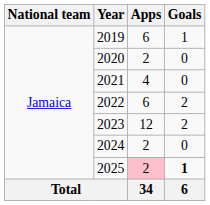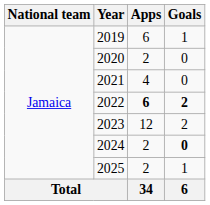 <table class="wikitable" style="text-align:center">
 <tr>
 <th>National team</th>
 <th>Year</th>
 <th>Apps</th>
 <th>Goals</th>
 </tr>
 <tr>
 <td rowspan="7"><a href='#'>Jamaica</a></td>
 <td>2019</td>
 <td>6</td>
 <td>1</td>
 </tr>
 <tr>
 <td>2020</td>
 <td>2</td>
 <td>0</td>
 </tr>
 <tr>
 <td>2021</td>
 <td>4</td>
 <td>0</td>
 </tr>
 <tr>
 <td>2022</td>
-<td>6</td>
-<td>2</td>
+<td><strong>6</strong></td>
+<td><strong>2</strong></td>
 </tr>
 <tr>
 <td>2023</td>
 <td>12</td>
 <td>2</td>
 </tr>
 <tr>
 <td>2024</td>
 <td>2</td>
-<td>0</td>
+<td><strong>0</strong></td>
 </tr>
 <tr>
 <td>2025</td>
-<td style="background: pink;">2</td>
-<td><strong>1</strong></td>
+<td>2</td>
+<td>1</td>
 </tr>
 <tr>
 <th colspan="2">Total</th>
 <th>34</th>
 <th>6</th>
 </tr>
 </table>
